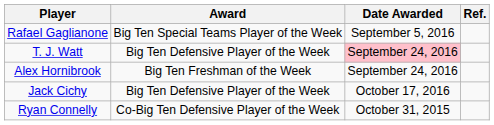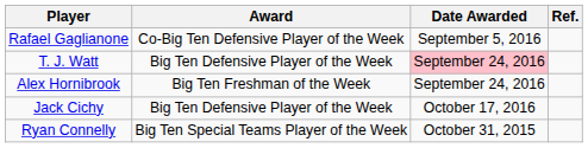 <table class="wikitable sortable sortable" style="text-align: center">
 <tr align=center>
 <th>Player</th>
 <th>Award</th>
 <th>Date Awarded</th>
 <th>Ref.</th>
 </tr>
 <tr>
 <td><a href='#'>Rafael Gaglianone</a></td>
-<td>Big Ten Special Teams Player of the Week</td>
+<td>Co-Big Ten Defensive Player of the Week</td>
 <td>September 5, 2016</td>
 <td></td>
 </tr>
 <tr>
 <td><a href='#'>T. J. Watt</a></td>
 <td>Big Ten Defensive Player of the Week</td>
 <td style="background: pink;">September 24, 2016</td>
 <td></td>
 </tr>
 <tr>
 <td><a href='#'>Alex Hornibrook</a></td>
 <td>Big Ten Freshman of the Week</td>
 <td>September 24, 2016</td>
 <td></td>
 </tr>
 <tr>
 <td><a href='#'>Jack Cichy</a></td>
 <td>Big Ten Defensive Player of the Week</td>
 <td>October 17, 2016</td>
 <td></td>
 </tr>
 <tr>
 <td><a href='#'>Ryan Connelly</a></td>
-<td>Co-Big Ten Defensive Player of the Week</td>
+<td>Big Ten Special Teams Player of the Week</td>
 <td>October 31, 2015</td>
 <td></td>
 </tr>
 </table>
